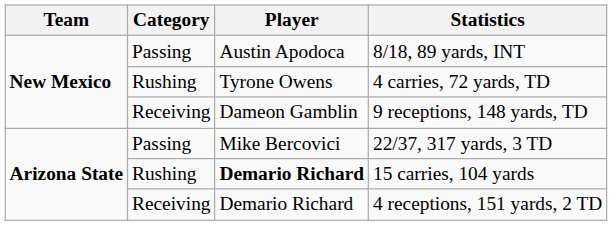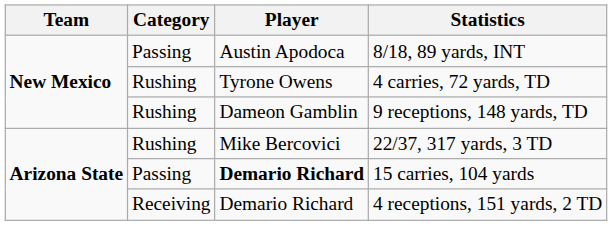 <table class="wikitable" style="float: right;">
 <tr>
 <th>Team</th>
 <th>Category</th>
 <th>Player</th>
 <th>Statistics</th>
 </tr>
 <tr>
 <td rowspan=3><strong>New Mexico</strong></td>
 <td>Passing</td>
 <td>Austin Apodoca</td>
 <td>8/18, 89 yards, INT</td>
 </tr>
 <tr>
 <td>Rushing</td>
 <td>Tyrone Owens</td>
 <td>4 carries, 72 yards, TD</td>
 </tr>
 <tr>
-<td>Receiving</td>
+<td>Rushing</td>
 <td>Dameon Gamblin</td>
 <td>9 receptions, 148 yards, TD</td>
 </tr>
 <tr>
 <td rowspan=3><strong>Arizona State</strong></td>
-<td>Passing</td>
+<td>Rushing</td>
 <td>Mike Bercovici</td>
 <td>22/37, 317 yards, 3 TD</td>
 </tr>
 <tr>
-<td>Rushing</td>
+<td>Passing</td>
 <td><strong>Demario Richard</strong></td>
 <td>15 carries, 104 yards</td>
 </tr>
 <tr>
 <td>Receiving</td>
 <td>Demario Richard</td>
 <td>4 receptions, 151 yards, 2 TD</td>
 </tr>
 </table>
